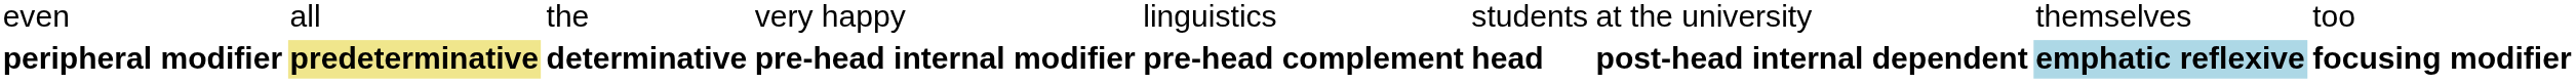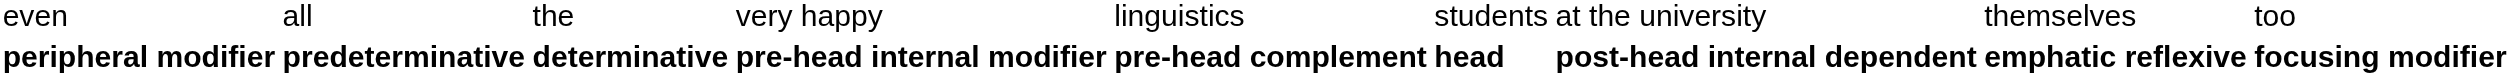 <table>
 <tr>
 <td>even</td>
 <td>all</td>
 <td>the</td>
 <td>very happy</td>
 <td>linguistics</td>
 <td>students</td>
 <td>at the university</td>
 <td>themselves</td>
 <td>too</td>
 </tr>
 <tr>
 <td><strong>peripheral modifier</strong></td>
-<td style="background: khaki;"><strong>predeterminative</strong></td>
+<td><strong>predeterminative</strong></td>
 <td><strong>determinative</strong></td>
 <td><strong>pre-head internal modifier</strong></td>
 <td><strong>pre-head complement</strong></td>
 <td><strong>head</strong></td>
 <td><strong>post-head internal dependent</strong></td>
-<td style="background: lightblue;"><strong>emphatic reflexive</strong></td>
+<td><strong>emphatic reflexive</strong></td>
 <td><strong>focusing modifier</strong></td>
 </tr>
 </table>
